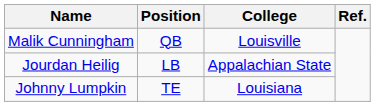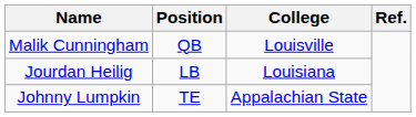 <table class="wikitable" style="text-align:center">
 <tr>
 <th>Name</th>
 <th>Position</th>
 <th>College</th>
 <th>Ref.</th>
 </tr>
 <tr>
 <td><a href='#'>Malik Cunningham</a></td>
 <td><a href='#'>QB</a></td>
 <td><a href='#'>Louisville</a></td>
 <td rowspan = 3></td>
 </tr>
 <tr>
 <td><a href='#'>Jourdan Heilig</a></td>
 <td><a href='#'>LB</a></td>
-<td><a href='#'>Appalachian State</a></td>
+<td><a href='#'>Louisiana</a></td>
 </tr>
 <tr>
 <td><a href='#'>Johnny Lumpkin</a></td>
 <td><a href='#'>TE</a></td>
-<td><a href='#'>Louisiana</a></td>
+<td><a href='#'>Appalachian State</a></td>
 </tr>
 </table>
